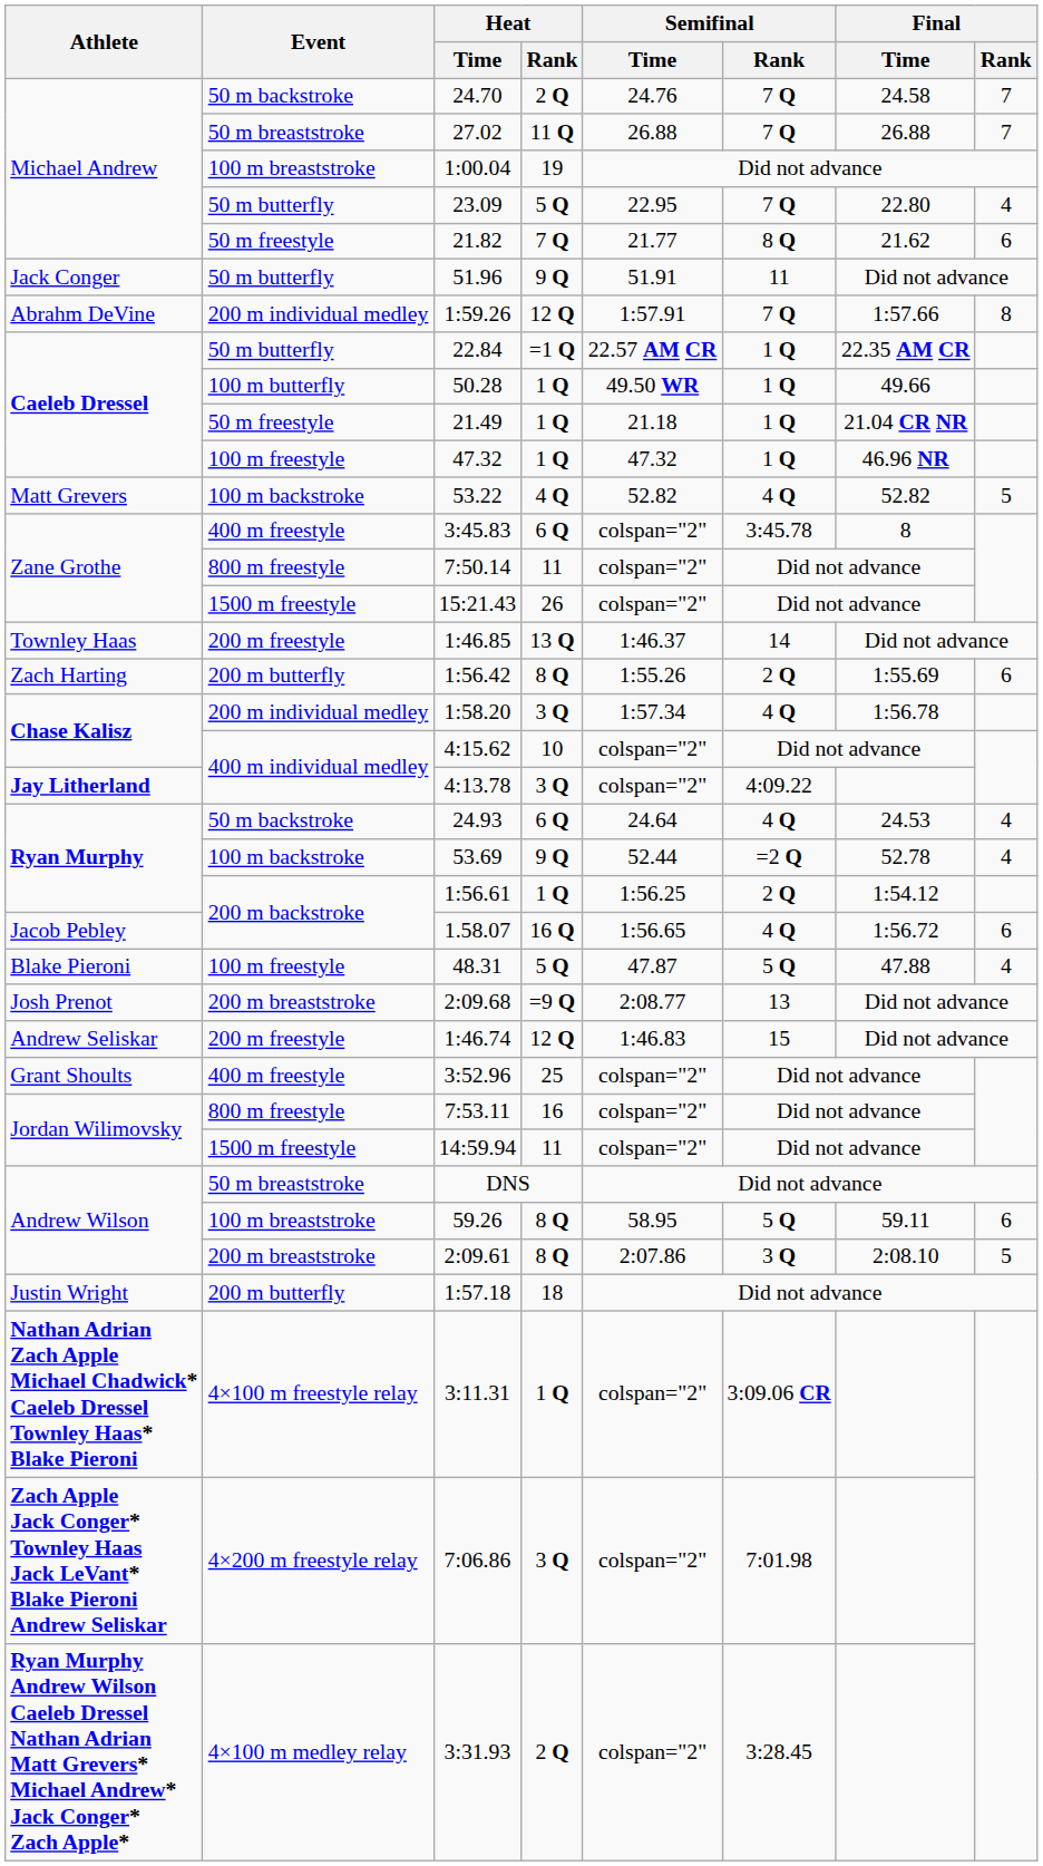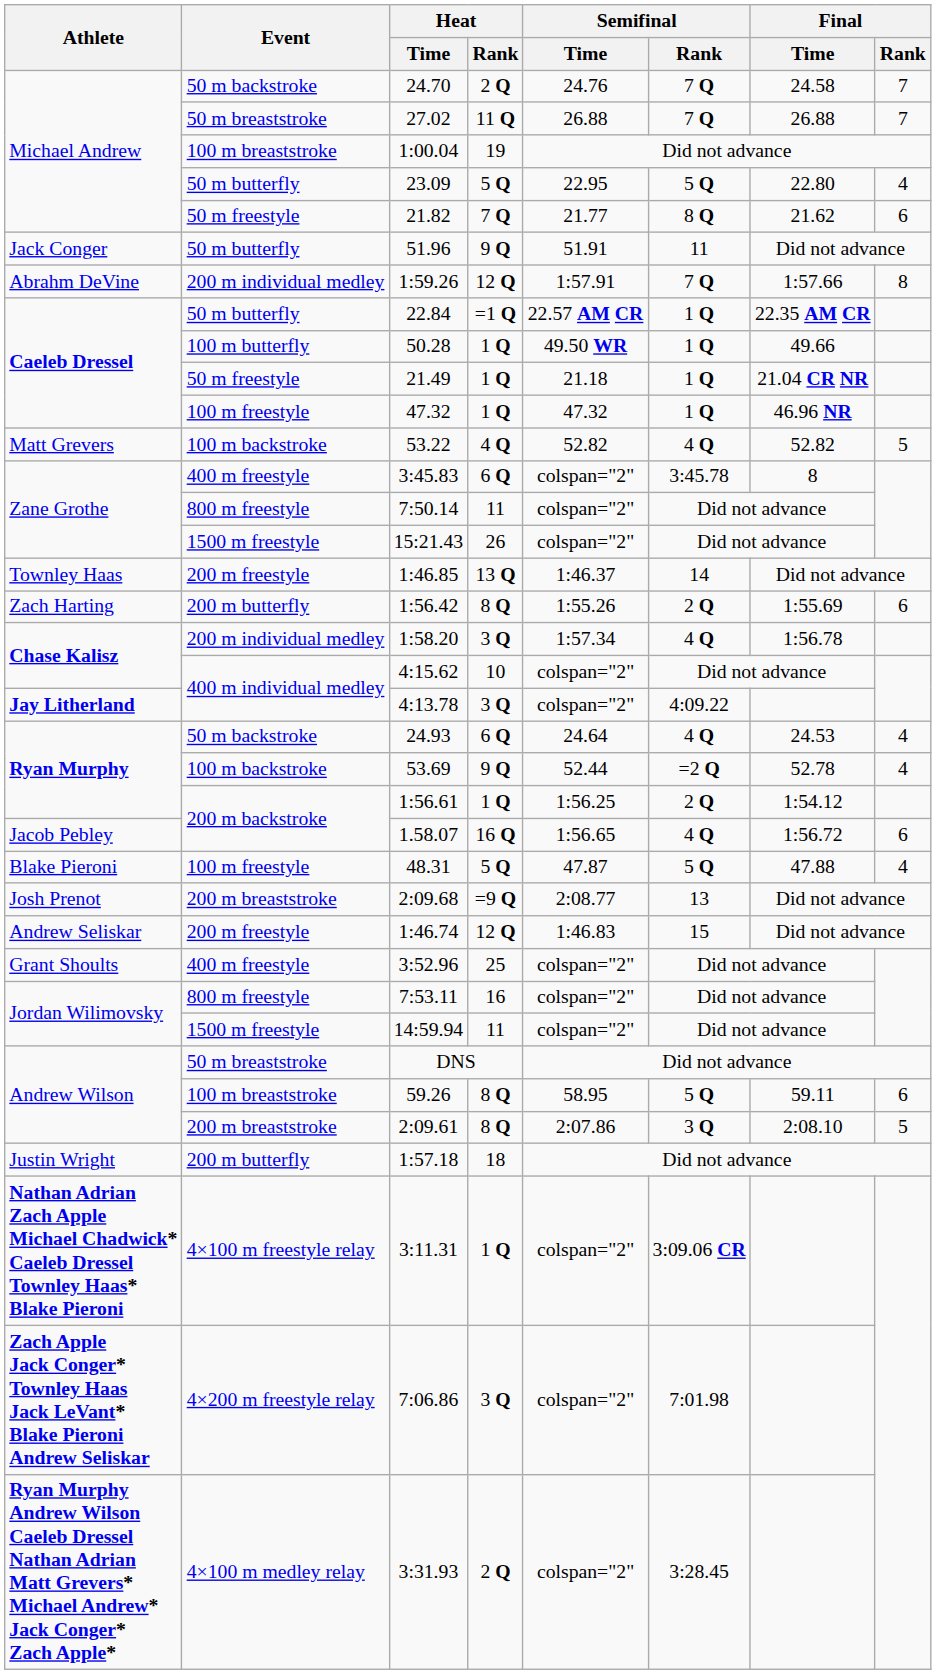 <table class="wikitable" style="font-size:90%;">
 <tr>
 <th rowspan="2">Athlete</th>
 <th rowspan="2">Event</th>
 <th colspan="2">Heat</th>
 <th colspan="2">Semifinal</th>
 <th colspan="2">Final</th>
 </tr>
 <tr>
 <th>Time</th>
 <th>Rank</th>
 <th>Time</th>
 <th>Rank</th>
 <th>Time</th>
 <th>Rank</th>
 </tr>
 <tr align="center">
 <td rowspan="5" align="left"><a href='#'>Michael Andrew</a></td>
 <td align="left"><a href='#'>50 m backstroke</a></td>
 <td>24.70</td>
 <td>2 <strong>Q</strong></td>
 <td>24.76</td>
 <td>7 <strong>Q</strong></td>
 <td>24.58</td>
 <td>7</td>
 </tr>
 <tr align="center">
 <td align="left"><a href='#'>50 m breaststroke</a></td>
 <td>27.02</td>
 <td>11 <strong>Q</strong></td>
 <td>26.88</td>
 <td>7 <strong>Q</strong></td>
 <td>26.88</td>
 <td>7</td>
 </tr>
 <tr align="center">
 <td align="left"><a href='#'>100 m breaststroke</a></td>
 <td>1:00.04</td>
 <td>19</td>
 <td colspan="4">Did not advance</td>
 </tr>
 <tr align="center">
 <td align="left"><a href='#'>50 m butterfly</a></td>
 <td>23.09</td>
 <td>5 <strong>Q</strong></td>
 <td>22.95</td>
-<td>7 <strong>Q</strong></td>
+<td>5 <strong>Q</strong></td>
 <td>22.80</td>
 <td>4</td>
 </tr>
 <tr align="center">
 <td align="left"><a href='#'>50 m freestyle</a></td>
 <td>21.82</td>
 <td>7 <strong>Q</strong></td>
 <td>21.77</td>
 <td>8 <strong>Q</strong></td>
 <td>21.62</td>
 <td>6</td>
 </tr>
 <tr align="center">
 <td align="left"><a href='#'>Jack Conger</a></td>
 <td align="left"><a href='#'>50 m butterfly</a></td>
 <td>51.96</td>
 <td>9 <strong>Q</strong></td>
 <td>51.91</td>
 <td>11</td>
 <td colspan="2">Did not advance</td>
 </tr>
 <tr align="center">
 <td align="left"><a href='#'>Abrahm DeVine</a></td>
 <td align="left"><a href='#'>200 m individual medley</a></td>
 <td>1:59.26</td>
 <td>12 <strong>Q</strong></td>
 <td>1:57.91</td>
 <td>7 <strong>Q</strong></td>
 <td>1:57.66</td>
 <td>8</td>
 </tr>
 <tr align="center">
 <td rowspan="4" align="left"><strong><a href='#'>Caeleb Dressel</a></strong></td>
 <td align="left"><a href='#'>50 m butterfly</a></td>
 <td>22.84</td>
 <td>=1 <strong>Q</strong></td>
 <td>22.57 <a href='#'><strong>AM</strong></a> <strong><a href='#'>CR</a></strong></td>
 <td>1 <strong>Q</strong></td>
 <td>22.35 <a href='#'><strong>AM</strong></a> <strong><a href='#'>CR</a></strong></td>
 <td></td>
 </tr>
 <tr align="center">
 <td align="left"><a href='#'>100 m butterfly</a></td>
 <td>50.28</td>
 <td>1 <strong>Q</strong></td>
 <td>49.50 <strong><a href='#'>WR</a></strong></td>
 <td>1 <strong>Q</strong></td>
 <td>49.66</td>
 <td></td>
 </tr>
 <tr align="center">
 <td align="left"><a href='#'>50 m freestyle</a></td>
 <td>21.49</td>
 <td>1 <strong>Q</strong></td>
 <td>21.18</td>
 <td>1 <strong>Q</strong></td>
 <td>21.04 <strong><a href='#'>CR</a> <a href='#'>NR</a></strong></td>
 <td></td>
 </tr>
 <tr align="center">
 <td align="left"><a href='#'>100 m freestyle</a></td>
 <td>47.32</td>
 <td>1 <strong>Q</strong></td>
 <td>47.32</td>
 <td>1 <strong>Q</strong></td>
 <td>46.96 <a href='#'><strong>NR</strong></a></td>
 <td></td>
 </tr>
 <tr align="center">
 <td align="left"><a href='#'>Matt Grevers</a></td>
 <td align="left"><a href='#'>100 m backstroke</a></td>
 <td>53.22</td>
 <td>4 <strong>Q</strong></td>
 <td>52.82</td>
 <td>4 <strong>Q</strong></td>
 <td>52.82</td>
 <td>5</td>
 </tr>
 <tr align="center">
 <td rowspan="3" align="left"><a href='#'>Zane Grothe</a></td>
 <td align="left"><a href='#'>400 m freestyle</a></td>
 <td>3:45.83</td>
 <td>6 <strong>Q</strong></td>
 <td>colspan="2" </td>
 <td>3:45.78</td>
 <td>8</td>
 </tr>
 <tr align="center">
 <td align="left"><a href='#'>800 m freestyle</a></td>
 <td>7:50.14</td>
 <td>11</td>
 <td>colspan="2" </td>
 <td colspan="2">Did not advance</td>
 </tr>
 <tr align="center">
 <td align="left"><a href='#'>1500 m freestyle</a></td>
 <td>15:21.43</td>
 <td>26</td>
 <td>colspan="2" </td>
 <td colspan="2">Did not advance</td>
 </tr>
 <tr align="center">
 <td align="left"><a href='#'>Townley Haas</a></td>
 <td align="left"><a href='#'>200 m freestyle</a></td>
 <td>1:46.85</td>
 <td>13 <strong>Q</strong></td>
 <td>1:46.37</td>
 <td>14</td>
 <td colspan="2">Did not advance</td>
 </tr>
 <tr align="center">
 <td align="left"><a href='#'>Zach Harting</a></td>
 <td align="left"><a href='#'>200 m butterfly</a></td>
 <td>1:56.42</td>
 <td>8 <strong>Q</strong></td>
 <td>1:55.26</td>
 <td>2 <strong>Q</strong></td>
 <td>1:55.69</td>
 <td>6</td>
 </tr>
 <tr align="center">
 <td rowspan="2" align="left"><strong><a href='#'>Chase Kalisz</a></strong></td>
 <td align="left"><a href='#'>200 m individual medley</a></td>
 <td>1:58.20</td>
 <td>3 <strong>Q</strong></td>
 <td>1:57.34</td>
 <td>4 <strong>Q</strong></td>
 <td>1:56.78</td>
 <td></td>
 </tr>
 <tr align="center">
 <td rowspan="2" align="left"><a href='#'>400 m individual medley</a></td>
 <td>4:15.62</td>
 <td>10</td>
 <td>colspan="2" </td>
 <td colspan="2">Did not advance</td>
 </tr>
 <tr align="center">
 <td align="left"><strong><a href='#'>Jay Litherland</a></strong></td>
 <td>4:13.78</td>
 <td>3 <strong>Q</strong></td>
 <td>colspan="2" </td>
 <td>4:09.22</td>
 <td></td>
 </tr>
 <tr align="center">
 <td rowspan="3" align="left"><a href='#'><strong>Ryan Murphy</strong></a></td>
 <td align="left"><a href='#'>50 m backstroke</a></td>
 <td>24.93</td>
 <td>6 <strong>Q</strong></td>
 <td>24.64</td>
 <td>4 <strong>Q</strong></td>
 <td>24.53</td>
 <td>4</td>
 </tr>
 <tr align="center">
 <td align="left"><a href='#'>100 m backstroke</a></td>
 <td>53.69</td>
 <td>9 <strong>Q</strong></td>
 <td>52.44</td>
 <td>=2 <strong>Q</strong></td>
 <td>52.78</td>
 <td>4</td>
 </tr>
 <tr align="center">
 <td rowspan="2" align="left"><a href='#'>200 m backstroke</a></td>
 <td>1:56.61</td>
 <td>1 <strong>Q</strong></td>
 <td>1:56.25</td>
 <td>2 <strong>Q</strong></td>
 <td>1:54.12</td>
 <td></td>
 </tr>
 <tr align="center">
 <td align="left"><a href='#'>Jacob Pebley</a></td>
 <td>1.58.07</td>
 <td>16 <strong>Q</strong></td>
 <td>1:56.65</td>
 <td>4 <strong>Q</strong></td>
 <td>1:56.72</td>
 <td>6</td>
 </tr>
 <tr align="center">
 <td align="left"><a href='#'>Blake Pieroni</a></td>
 <td align="left"><a href='#'>100 m freestyle</a></td>
 <td>48.31</td>
 <td>5 <strong>Q</strong></td>
 <td>47.87</td>
 <td>5 <strong>Q</strong></td>
 <td>47.88</td>
 <td>4</td>
 </tr>
 <tr align="center">
 <td align="left"><a href='#'>Josh Prenot</a></td>
 <td align="left"><a href='#'>200 m breaststroke</a></td>
 <td>2:09.68</td>
 <td>=9 <strong>Q</strong></td>
 <td>2:08.77</td>
 <td>13</td>
 <td colspan="2">Did not advance</td>
 </tr>
 <tr align="center">
 <td align="left"><a href='#'>Andrew Seliskar</a></td>
 <td align="left"><a href='#'>200 m freestyle</a></td>
 <td>1:46.74</td>
 <td>12 <strong>Q</strong></td>
 <td>1:46.83</td>
 <td>15</td>
 <td colspan="2">Did not advance</td>
 </tr>
 <tr align="center">
 <td align="left"><a href='#'>Grant Shoults</a></td>
 <td align="left"><a href='#'>400 m freestyle</a></td>
 <td>3:52.96</td>
 <td>25</td>
 <td>colspan="2" </td>
 <td colspan="2">Did not advance</td>
 </tr>
 <tr align="center">
 <td rowspan="2" align="left"><a href='#'>Jordan Wilimovsky</a></td>
 <td align="left"><a href='#'>800 m freestyle</a></td>
 <td>7:53.11</td>
 <td>16</td>
 <td>colspan="2" </td>
 <td colspan="2">Did not advance</td>
 </tr>
 <tr align="center">
 <td align="left"><a href='#'>1500 m freestyle</a></td>
 <td>14:59.94</td>
 <td>11</td>
 <td>colspan="2" </td>
 <td colspan="2">Did not advance</td>
 </tr>
 <tr align="center">
 <td rowspan="3" align="left"><a href='#'>Andrew Wilson</a></td>
 <td align="left"><a href='#'>50 m breaststroke</a></td>
 <td colspan="2">DNS</td>
 <td colspan="4">Did not advance</td>
 </tr>
 <tr align="center">
 <td align="left"><a href='#'>100 m breaststroke</a></td>
 <td>59.26</td>
 <td>8 <strong>Q</strong></td>
 <td>58.95</td>
 <td>5 <strong>Q</strong></td>
 <td>59.11</td>
 <td>6</td>
 </tr>
 <tr align="center">
 <td align="left"><a href='#'>200 m breaststroke</a></td>
 <td>2:09.61</td>
 <td>8 <strong>Q</strong></td>
 <td>2:07.86</td>
 <td>3 <strong>Q</strong></td>
 <td>2:08.10</td>
 <td>5</td>
 </tr>
 <tr align="center">
 <td align="left"><a href='#'>Justin Wright</a></td>
 <td align="left"><a href='#'>200 m butterfly</a></td>
 <td>1:57.18</td>
 <td>18</td>
 <td colspan="4">Did not advance</td>
 </tr>
 <tr align="center">
 <td align="left"><strong><a href='#'>Nathan Adrian</a><br><a href='#'>Zach Apple</a><br><a href='#'>Michael Chadwick</a>*<br><a href='#'>Caeleb Dressel</a><br><a href='#'>Townley Haas</a>*<br><a href='#'>Blake Pieroni</a></strong></td>
 <td align="left"><a href='#'>4×100 m freestyle relay</a></td>
 <td>3:11.31</td>
 <td>1 <strong>Q</strong></td>
 <td>colspan="2" </td>
 <td>3:09.06 <strong><a href='#'>CR</a></strong></td>
 <td></td>
 </tr>
 <tr align="center">
 <td align="left"><strong><a href='#'>Zach Apple</a><br><a href='#'>Jack Conger</a>*<br><a href='#'>Townley Haas</a><br><a href='#'>Jack LeVant</a>*<br><a href='#'>Blake Pieroni</a><br><a href='#'>Andrew Seliskar</a></strong></td>
 <td align="left"><a href='#'>4×200 m freestyle relay</a></td>
 <td>7:06.86</td>
 <td>3 <strong>Q</strong></td>
 <td>colspan="2" </td>
 <td>7:01.98</td>
 <td></td>
 </tr>
 <tr align="center">
 <td align="left"><strong><a href='#'>Ryan Murphy</a><br><a href='#'>Andrew Wilson</a><br><a href='#'>Caeleb Dressel</a><br><a href='#'>Nathan Adrian</a><br><a href='#'>Matt Grevers</a>*<br><a href='#'>Michael Andrew</a>*<br><a href='#'>Jack Conger</a>*<br><a href='#'>Zach Apple</a>*</strong></td>
 <td align="left"><a href='#'>4×100 m medley relay</a></td>
 <td>3:31.93</td>
 <td>2 <strong>Q</strong></td>
 <td>colspan="2" </td>
 <td>3:28.45</td>
 <td></td>
 </tr>
 </table>
